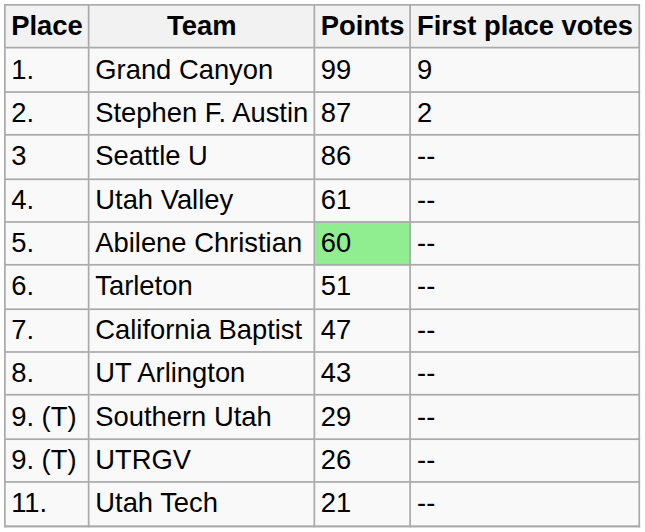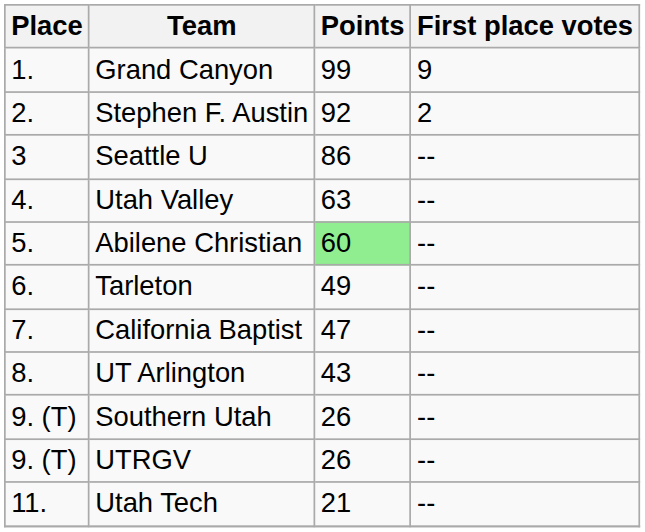 <table class="wikitable">
 <tr>
 <th>Place</th>
 <th>Team</th>
 <th>Points</th>
 <th>First place votes</th>
 </tr>
 <tr>
 <td>1.</td>
 <td>Grand Canyon</td>
 <td>99</td>
 <td>9</td>
 </tr>
 <tr>
 <td>2.</td>
 <td>Stephen F. Austin</td>
-<td>87</td>
+<td>92</td>
 <td>2</td>
 </tr>
 <tr>
 <td>3</td>
 <td>Seattle U</td>
 <td>86</td>
 <td>--</td>
 </tr>
 <tr>
 <td>4.</td>
 <td>Utah Valley</td>
-<td>61</td>
+<td>63</td>
 <td>--</td>
 </tr>
 <tr>
 <td>5.</td>
 <td>Abilene Christian</td>
 <td style="background: lightgreen;">60</td>
 <td>--</td>
 </tr>
 <tr>
 <td>6.</td>
 <td>Tarleton</td>
-<td>51</td>
+<td>49</td>
 <td>--</td>
 </tr>
 <tr>
 <td>7.</td>
 <td>California Baptist</td>
 <td>47</td>
 <td>--</td>
 </tr>
 <tr>
 <td>8.</td>
 <td>UT Arlington</td>
 <td>43</td>
 <td>--</td>
 </tr>
 <tr>
 <td>9. (T)</td>
 <td>Southern Utah</td>
-<td>29</td>
+<td>26</td>
 <td>--</td>
 </tr>
 <tr>
 <td>9. (T)</td>
 <td>UTRGV</td>
 <td>26</td>
 <td>--</td>
 </tr>
 <tr>
 <td>11.</td>
 <td>Utah Tech</td>
 <td>21</td>
 <td>--</td>
 </tr>
 <tr>
 </tr>
 </table>
